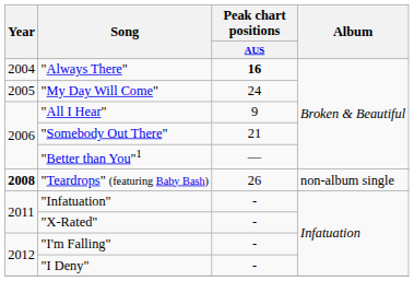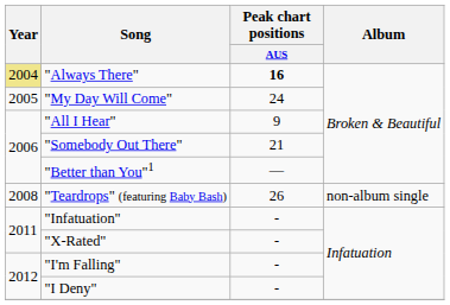 <table class="wikitable" border="1">
 <tr>
 <th rowspan="2">Year</th>
 <th rowspan="2">Song</th>
 <th colspan="1">Peak chart positions</th>
 <th rowspan="2">Album</th>
 </tr>
 <tr>
 <th style="width:8em;font-size:75%"><a href='#'>AUS</a><br></th>
 </tr>
 <tr>
-<td rowspan="1">2004</td>
+<td rowspan="1" style="background: khaki;">2004</td>
 <td>"<a href='#'>Always There</a>"</td>
 <td align="center"><strong>16</strong></td>
 <td rowspan="5"><em>Broken & Beautiful</em></td>
 </tr>
 <tr>
 <td rowspan="1">2005</td>
 <td>"<a href='#'>My Day Will Come</a>"</td>
 <td align="center">24</td>
 </tr>
 <tr>
 <td rowspan="3">2006</td>
 <td>"<a href='#'>All I Hear</a>"</td>
 <td align="center">9</td>
 </tr>
 <tr>
 <td>"<a href='#'>Somebody Out There</a>"</td>
 <td align="center">21</td>
 </tr>
 <tr>
 <td>"<a href='#'>Better than You</a>"<sup>1</sup></td>
 <td align="center">—</td>
 </tr>
 <tr>
-<td rowspan="1"><strong>2008</strong></td>
+<td rowspan="1">2008</td>
 <td>"<a href='#'>Teardrops</a>" <small>(featuring <a href='#'>Baby Bash</a>)</small></td>
 <td align="center">26</td>
 <td rowspan=1>non-album single</td>
 </tr>
 <tr>
 <td rowspan="2">2011</td>
 <td>"Infatuation"</td>
 <td align="center">-</td>
 <td rowspan=4><em>Infatuation</em></td>
 </tr>
 <tr>
 <td>"X-Rated"</td>
 <td align="center">-</td>
 </tr>
 <tr>
 <td rowspan="2">2012</td>
 <td>"I'm Falling"</td>
 <td align="center">-</td>
 </tr>
 <tr>
 <td>"I Deny"</td>
 <td align="center">-</td>
 </tr>
 <tr>
 </tr>
 </table>
